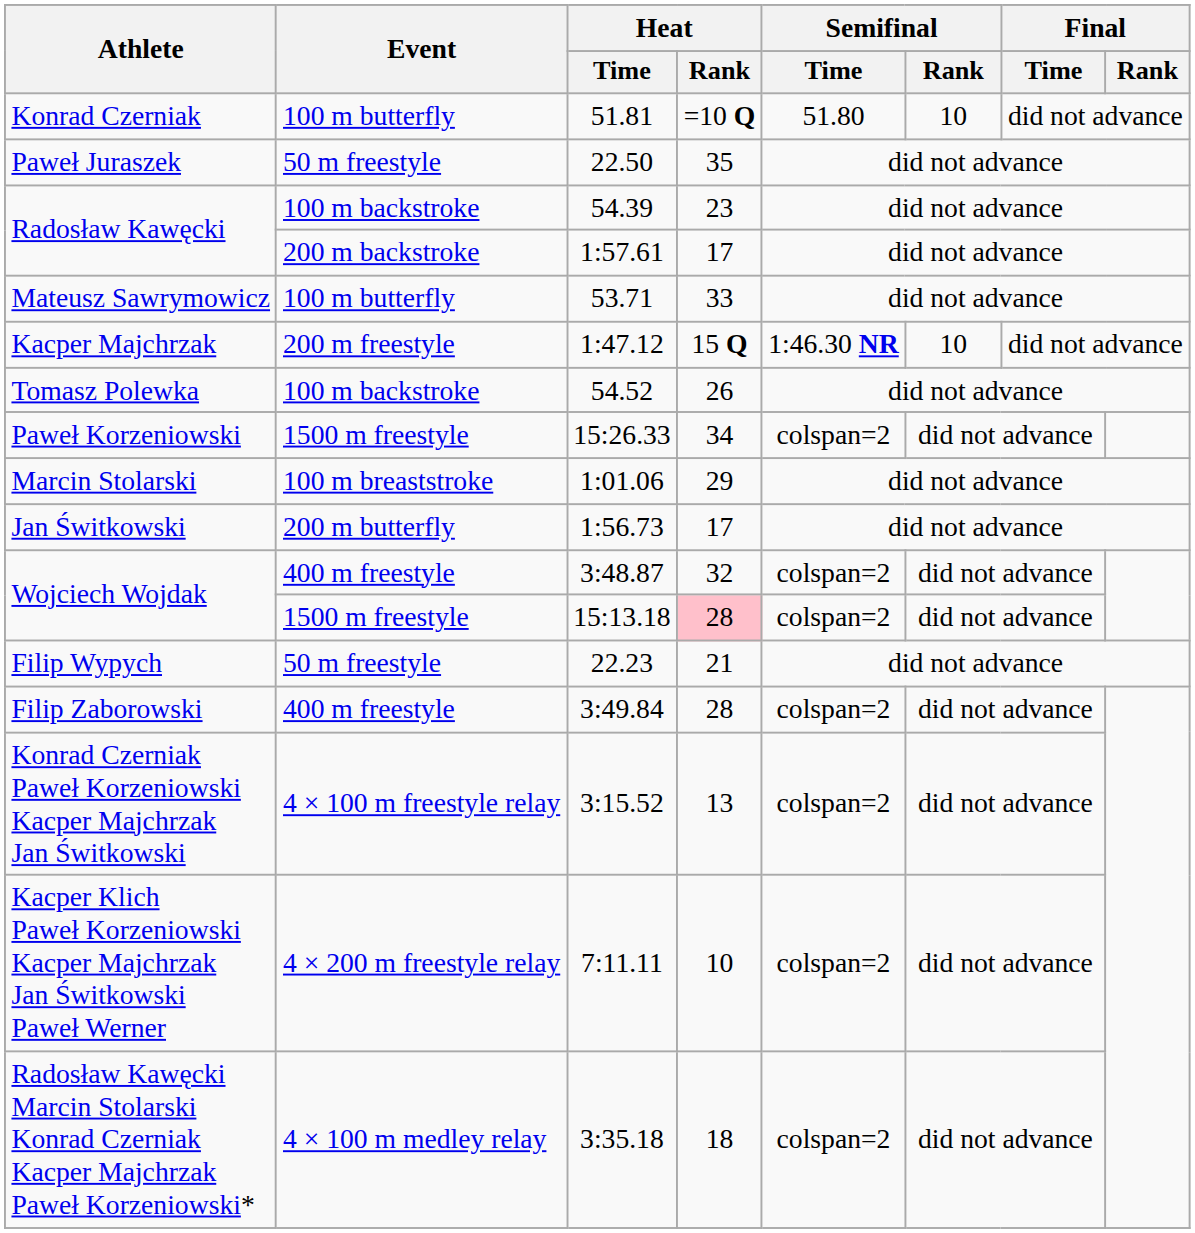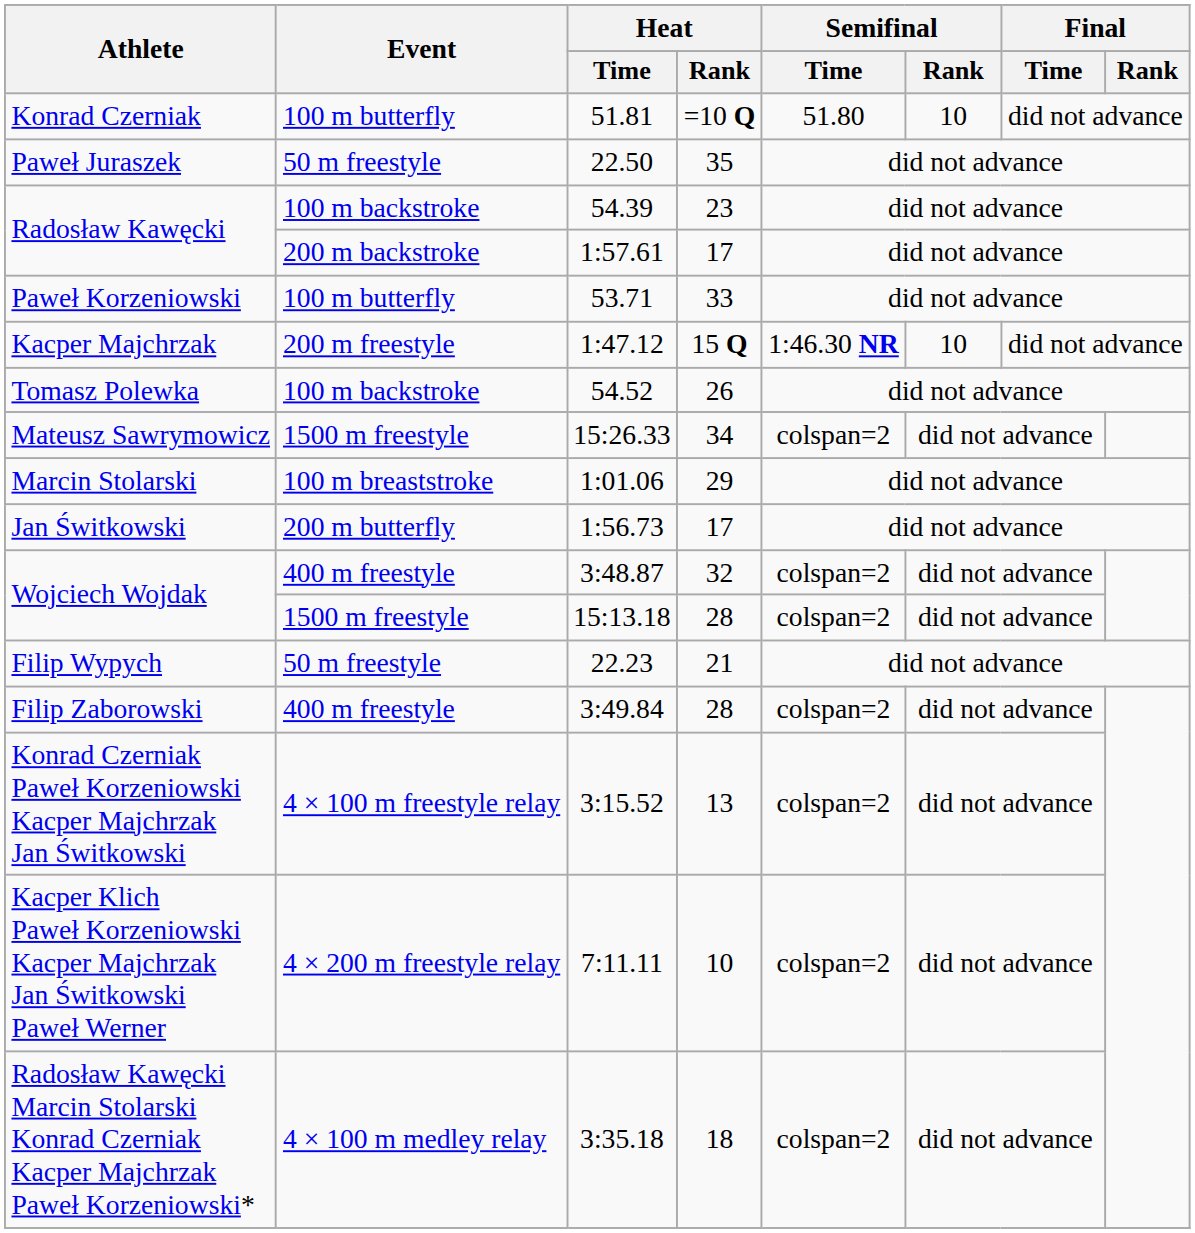 <table class=wikitable style="font-size:90%">
 <tr>
 <th rowspan="2">Athlete</th>
 <th rowspan="2">Event</th>
 <th colspan="2">Heat</th>
 <th colspan="2">Semifinal</th>
 <th colspan="2">Final</th>
 </tr>
 <tr style="font-size:95%">
 <th>Time</th>
 <th>Rank</th>
 <th>Time</th>
 <th>Rank</th>
 <th>Time</th>
 <th>Rank</th>
 </tr>
 <tr align=center>
 <td align=left><a href='#'>Konrad Czerniak</a></td>
 <td align=left><a href='#'>100 m butterfly</a></td>
 <td>51.81</td>
 <td>=10 <strong>Q</strong></td>
 <td>51.80</td>
 <td>10</td>
 <td colspan=2>did not advance</td>
 </tr>
 <tr align=center>
 <td align=left><a href='#'>Paweł Juraszek</a></td>
 <td align=left><a href='#'>50 m freestyle</a></td>
 <td>22.50</td>
 <td>35</td>
 <td colspan=4>did not advance</td>
 </tr>
 <tr align=center>
 <td align=left rowspan=2><a href='#'>Radosław Kawęcki</a></td>
 <td align=left><a href='#'>100 m backstroke</a></td>
 <td>54.39</td>
 <td>23</td>
 <td colspan=4>did not advance</td>
 </tr>
 <tr align=center>
 <td align=left><a href='#'>200 m backstroke</a></td>
 <td>1:57.61</td>
 <td>17</td>
 <td colspan=4>did not advance</td>
 </tr>
 <tr align=center>
-<td align=left><a href='#'>Mateusz Sawrymowicz</a></td>
+<td align=left><a href='#'>Paweł Korzeniowski</a></td>
 <td align=left><a href='#'>100 m butterfly</a></td>
 <td>53.71</td>
 <td>33</td>
 <td colspan=4>did not advance</td>
 </tr>
 <tr align=center>
 <td align=left><a href='#'>Kacper Majchrzak</a></td>
 <td align=left><a href='#'>200 m freestyle</a></td>
 <td>1:47.12</td>
 <td>15 <strong>Q</strong></td>
 <td>1:46.30 <strong><a href='#'>NR</a></strong></td>
 <td>10</td>
 <td colspan=2>did not advance</td>
 </tr>
 <tr align=center>
 <td align=left><a href='#'>Tomasz Polewka</a></td>
 <td align=left><a href='#'>100 m backstroke</a></td>
 <td>54.52</td>
 <td>26</td>
 <td colspan=4>did not advance</td>
 </tr>
 <tr align=center>
-<td align=left><a href='#'>Paweł Korzeniowski</a></td>
+<td align=left><a href='#'>Mateusz Sawrymowicz</a></td>
 <td align=left><a href='#'>1500 m freestyle</a></td>
 <td>15:26.33</td>
 <td>34</td>
 <td>colspan=2 </td>
 <td colspan=2>did not advance</td>
 </tr>
 <tr align=center>
 <td align=left><a href='#'>Marcin Stolarski</a></td>
 <td align=left><a href='#'>100 m breaststroke</a></td>
 <td>1:01.06</td>
 <td>29</td>
 <td colspan=4>did not advance</td>
 </tr>
 <tr align=center>
 <td align=left><a href='#'>Jan Świtkowski</a></td>
 <td align=left><a href='#'>200 m butterfly</a></td>
 <td>1:56.73</td>
 <td>17</td>
 <td colspan=4>did not advance</td>
 </tr>
 <tr align=center>
 <td align=left rowspan=2><a href='#'>Wojciech Wojdak</a></td>
 <td align=left><a href='#'>400 m freestyle</a></td>
 <td>3:48.87</td>
 <td>32</td>
 <td>colspan=2 </td>
 <td colspan=2>did not advance</td>
 </tr>
 <tr align=center>
 <td align=left><a href='#'>1500 m freestyle</a></td>
 <td>15:13.18</td>
-<td style="background: pink;">28</td>
+<td>28</td>
 <td>colspan=2 </td>
 <td colspan=2>did not advance</td>
 </tr>
 <tr align=center>
 <td align=left><a href='#'>Filip Wypych</a></td>
 <td align=left><a href='#'>50 m freestyle</a></td>
 <td>22.23</td>
 <td>21</td>
 <td colspan=4>did not advance</td>
 </tr>
 <tr align=center>
 <td align=left><a href='#'>Filip Zaborowski</a></td>
 <td align=left><a href='#'>400 m freestyle</a></td>
 <td>3:49.84</td>
 <td>28</td>
 <td>colspan=2 </td>
 <td colspan=2>did not advance</td>
 </tr>
 <tr align=center>
 <td align=left><a href='#'>Konrad Czerniak</a><br><a href='#'>Paweł Korzeniowski</a><br><a href='#'>Kacper Majchrzak</a><br><a href='#'>Jan Świtkowski</a></td>
 <td align=left><a href='#'>4 × 100 m freestyle relay</a></td>
 <td>3:15.52</td>
 <td>13</td>
 <td>colspan=2 </td>
 <td colspan=2>did not advance</td>
 </tr>
 <tr align=center>
 <td align=left><a href='#'>Kacper Klich</a><br><a href='#'>Paweł Korzeniowski</a><br><a href='#'>Kacper Majchrzak</a><br><a href='#'>Jan Świtkowski</a><br><a href='#'>Paweł Werner</a></td>
 <td align=left><a href='#'>4 × 200 m freestyle relay</a></td>
 <td>7:11.11</td>
 <td>10</td>
 <td>colspan=2 </td>
 <td colspan=2>did not advance</td>
 </tr>
 <tr align=center>
 <td align=left><a href='#'>Radosław Kawęcki</a><br><a href='#'>Marcin Stolarski</a><br><a href='#'>Konrad Czerniak</a><br><a href='#'>Kacper Majchrzak</a><br><a href='#'>Paweł Korzeniowski</a>*</td>
 <td align=left><a href='#'>4 × 100 m medley relay</a></td>
 <td>3:35.18</td>
 <td>18</td>
 <td>colspan=2 </td>
 <td colspan=2>did not advance</td>
 </tr>
 </table>
